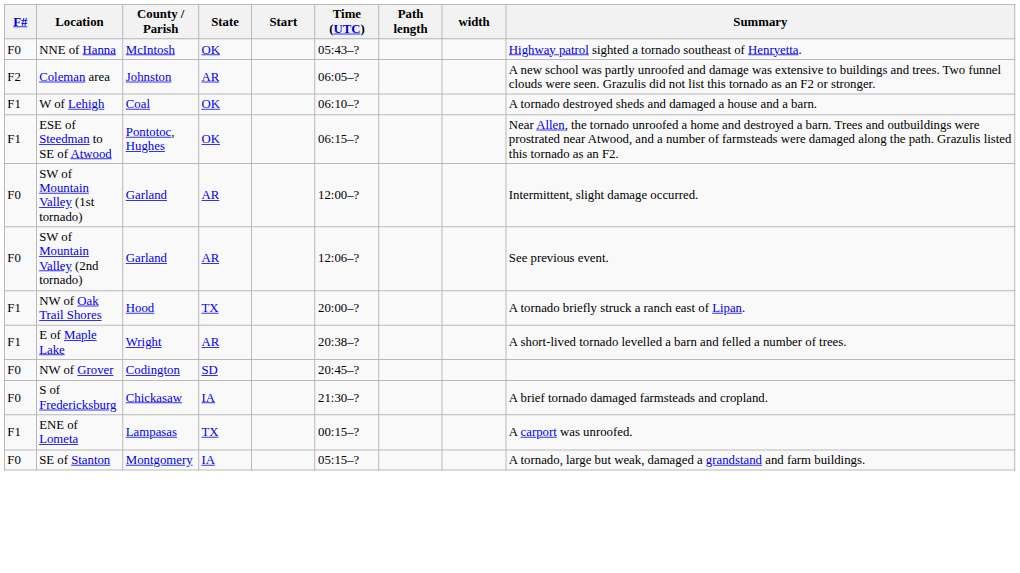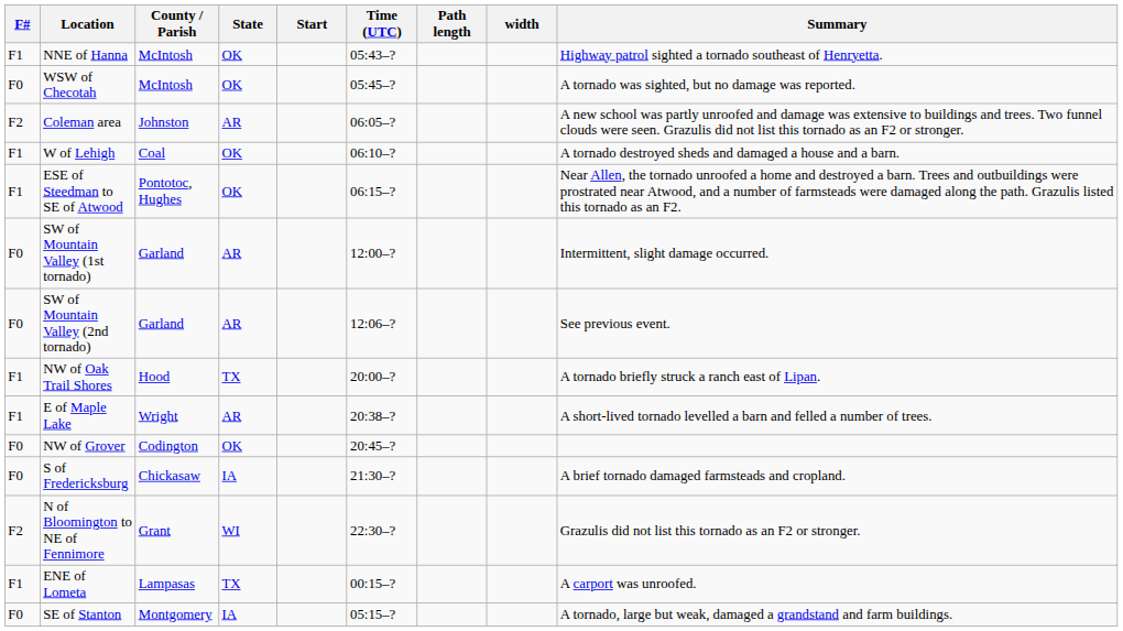 <table class="wikitable sortable" style="width:100%;">
 <tr>
 <th scope="col"  style="width:3%; text-align:center;"><a href='#'>F#</a></th>
 <th scope="col"  style="width:7%; text-align:center;" class="unsortable">Location</th>
 <th scope="col"  style="width:6%; text-align:center;" class="unsortable">County / Parish</th>
 <th scope="col"  style="width:5%; text-align:center;">State</th>
 <th scope="col"  style="width:6%; text-align:center;">Start<br></th>
 <th scope="col"  style="width:6%; text-align:center;">Time (<a href='#'>UTC</a>)</th>
 <th scope="col"  style="width:6%; text-align:center;">Path length</th>
 <th scope="col"  style="width:6%; text-align:center;"> width</th>
 <th scope="col" class="unsortable" style="width:48%; text-align:center;">Summary</th>
 </tr>
 <tr>
-<td>F0</td>
+<td>F1</td>
 <td>NNE of <a href='#'>Hanna</a></td>
 <td><a href='#'>McIntosh</a></td>
 <td><a href='#'>OK</a></td>
 <td></td>
 <td>05:43–?</td>
 <td></td>
 <td></td>
 <td><a href='#'>Highway patrol</a> sighted a tornado southeast of <a href='#'>Henryetta</a>.</td>
+</tr>
+<tr>
+<td>F0</td>
+<td>WSW of <a href='#'>Checotah</a></td>
+<td><a href='#'>McIntosh</a></td>
+<td><a href='#'>OK</a></td>
+<td></td>
+<td>05:45–?</td>
+<td></td>
+<td></td>
+<td>A tornado was sighted, but no damage was reported.</td>
 </tr>
 <tr>
 <td>F2</td>
 <td><a href='#'>Coleman</a> area</td>
 <td><a href='#'>Johnston</a></td>
 <td><a href='#'>AR</a></td>
 <td></td>
 <td>06:05–?</td>
 <td></td>
 <td></td>
 <td>A new school was partly unroofed and damage was extensive to buildings and trees. Two funnel clouds were seen. Grazulis did not list this tornado as an F2 or stronger.</td>
 </tr>
 <tr>
 <td>F1</td>
 <td>W of <a href='#'>Lehigh</a></td>
 <td><a href='#'>Coal</a></td>
 <td><a href='#'>OK</a></td>
 <td></td>
 <td>06:10–?</td>
 <td></td>
 <td></td>
 <td>A tornado destroyed sheds and damaged a house and a barn.</td>
 </tr>
 <tr>
 <td>F1</td>
 <td>ESE of <a href='#'>Steedman</a> to SE of <a href='#'>Atwood</a></td>
 <td><a href='#'>Pontotoc</a>, <a href='#'>Hughes</a></td>
 <td><a href='#'>OK</a></td>
 <td></td>
 <td>06:15–?</td>
 <td></td>
 <td></td>
 <td>Near <a href='#'>Allen</a>, the tornado unroofed a home and destroyed a barn. Trees and outbuildings were prostrated near Atwood, and a number of farmsteads were damaged along the path. Grazulis listed this tornado as an F2.</td>
 </tr>
 <tr>
 <td>F0</td>
 <td>SW of <a href='#'>Mountain Valley</a> (1st tornado)</td>
 <td><a href='#'>Garland</a></td>
 <td><a href='#'>AR</a></td>
 <td></td>
 <td>12:00–?</td>
 <td></td>
 <td></td>
 <td>Intermittent, slight damage occurred.</td>
 </tr>
 <tr>
 <td>F0</td>
 <td>SW of <a href='#'>Mountain Valley</a> (2nd tornado)</td>
 <td><a href='#'>Garland</a></td>
 <td><a href='#'>AR</a></td>
 <td></td>
 <td>12:06–?</td>
 <td></td>
 <td></td>
 <td>See previous event.</td>
 </tr>
 <tr>
 <td>F1</td>
 <td>NW of <a href='#'>Oak Trail Shores</a></td>
 <td><a href='#'>Hood</a></td>
 <td><a href='#'>TX</a></td>
 <td></td>
 <td>20:00–?</td>
 <td></td>
 <td></td>
 <td>A tornado briefly struck a ranch east of <a href='#'>Lipan</a>.</td>
 </tr>
 <tr>
 <td>F1</td>
 <td>E of <a href='#'>Maple Lake</a></td>
 <td><a href='#'>Wright</a></td>
 <td><a href='#'>AR</a></td>
 <td></td>
 <td>20:38–?</td>
 <td></td>
 <td></td>
 <td>A short-lived tornado levelled a barn and felled a number of trees.</td>
 </tr>
 <tr>
 <td>F0</td>
 <td>NW of <a href='#'>Grover</a></td>
 <td><a href='#'>Codington</a></td>
-<td><a href='#'>SD</a></td>
+<td><a href='#'>OK</a></td>
 <td></td>
 <td>20:45–?</td>
 <td></td>
 <td></td>
 <td></td>
 </tr>
 <tr>
 <td>F0</td>
 <td>S of <a href='#'>Fredericksburg</a></td>
 <td><a href='#'>Chickasaw</a></td>
 <td><a href='#'>IA</a></td>
 <td></td>
 <td>21:30–?</td>
 <td></td>
 <td></td>
 <td>A brief tornado damaged farmsteads and cropland.</td>
+</tr>
+<tr>
+<td>F2</td>
+<td>N of <a href='#'>Bloomington</a> to NE of <a href='#'>Fennimore</a></td>
+<td><a href='#'>Grant</a></td>
+<td><a href='#'>WI</a></td>
+<td></td>
+<td>22:30–?</td>
+<td></td>
+<td></td>
+<td>Grazulis did not list this tornado as an F2 or stronger.</td>
 </tr>
 <tr>
 <td>F1</td>
 <td>ENE of <a href='#'>Lometa</a></td>
 <td><a href='#'>Lampasas</a></td>
 <td><a href='#'>TX</a></td>
 <td></td>
 <td>00:15–?</td>
 <td></td>
 <td></td>
 <td>A <a href='#'>carport</a> was unroofed.</td>
 </tr>
 <tr>
 <td>F0</td>
 <td>SE of <a href='#'>Stanton</a></td>
 <td><a href='#'>Montgomery</a></td>
 <td><a href='#'>IA</a></td>
 <td></td>
 <td>05:15–?</td>
 <td></td>
 <td></td>
 <td>A tornado, large but weak, damaged a <a href='#'>grandstand</a> and farm buildings.</td>
 </tr>
 </table>
